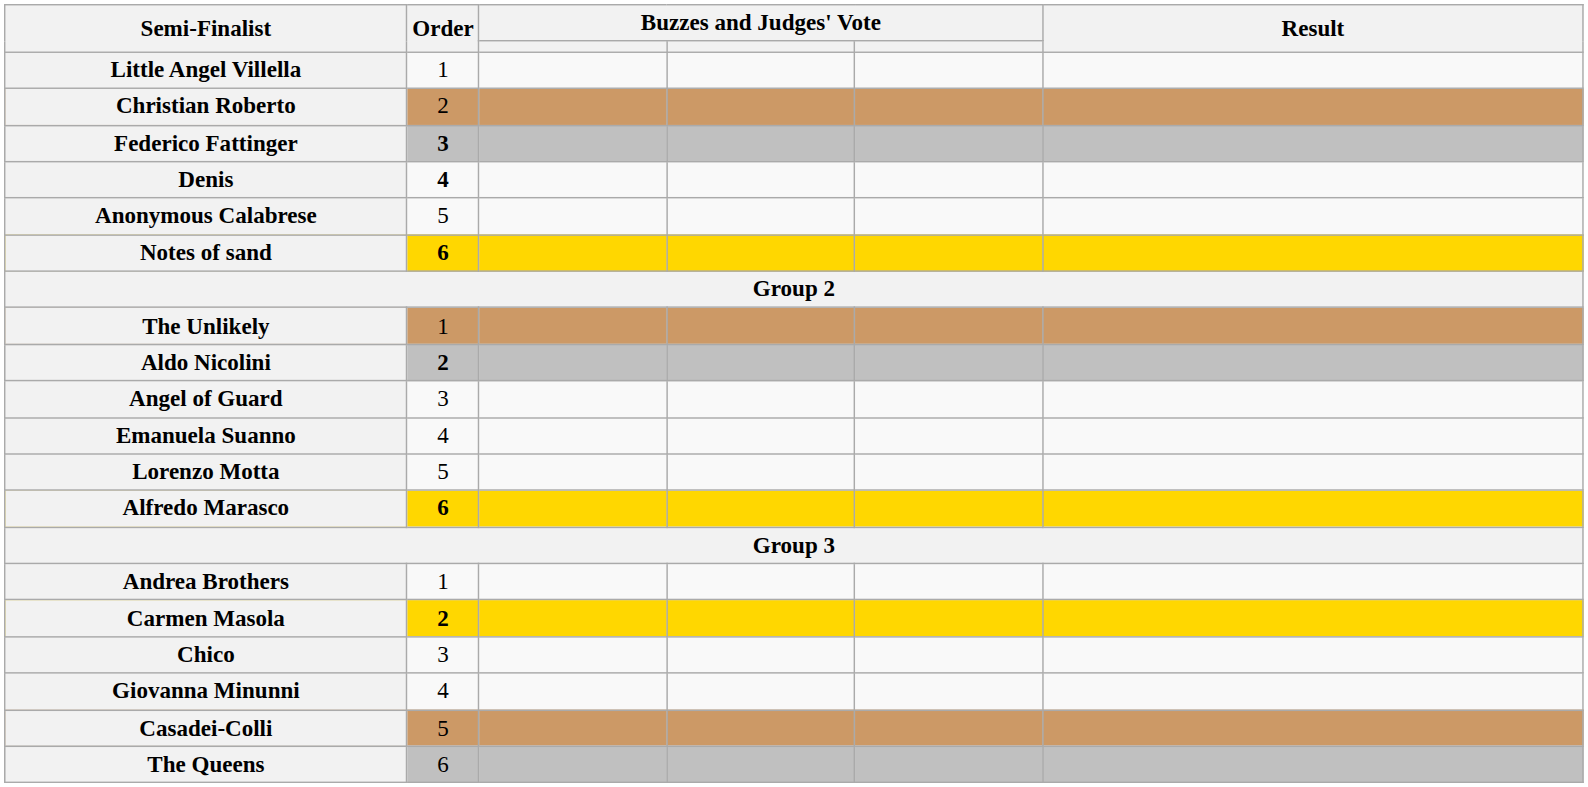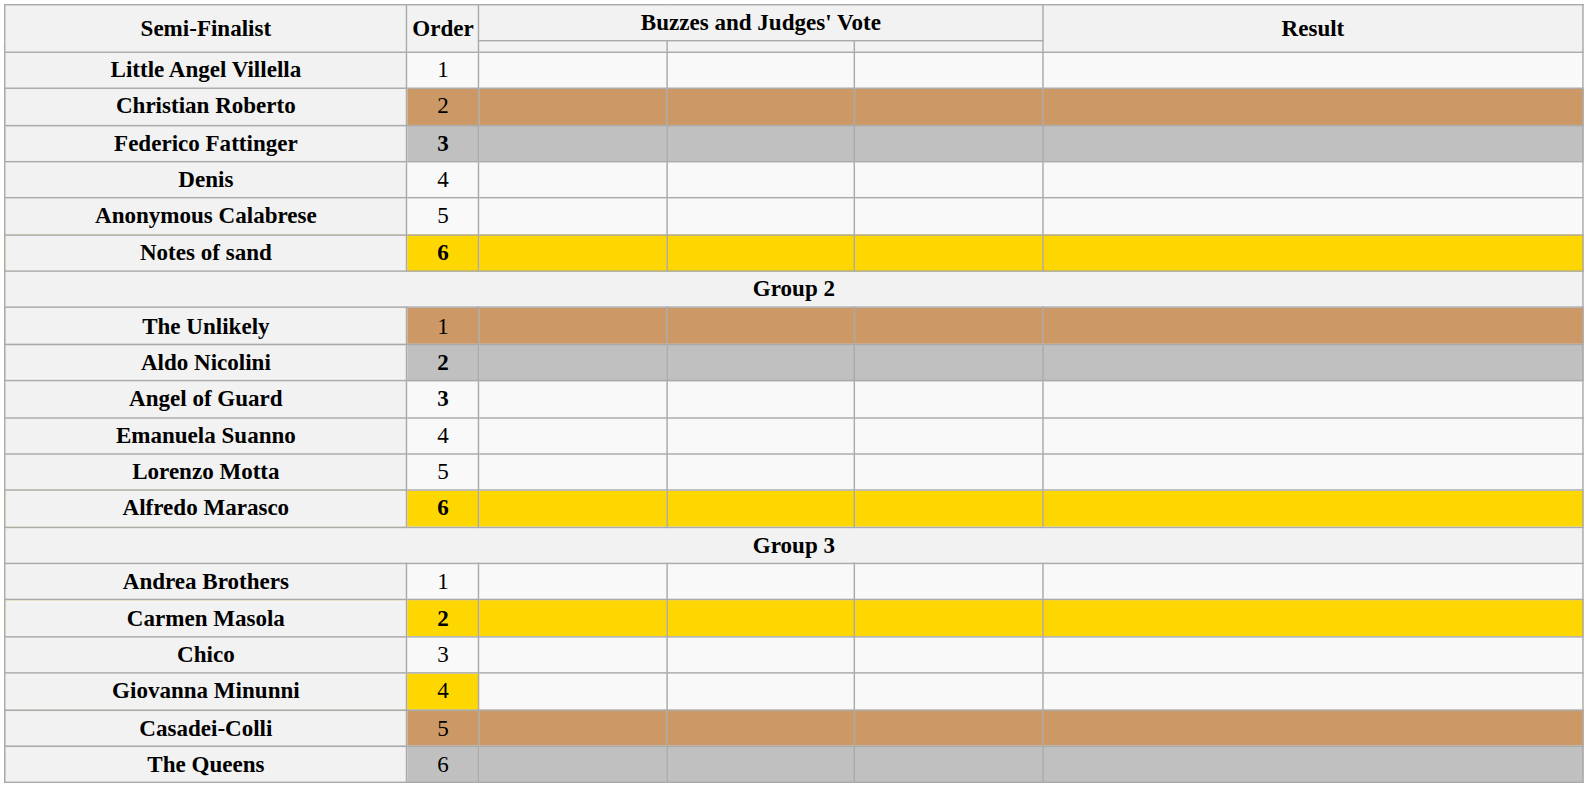 <table class="wikitable plainrowheaders sortable" style="text-align:center;">
 <tr>
 <th scope="col" rowspan=2 class="unsortable" style="width:17em;">Semi-Finalist</th>
 <th scope="col" rowspan=2 style="width:1em;">Order</th>
 <th scope="col" colspan=3 class="unsortable" style="width:24em;">Buzzes and Judges' Vote</th>
 <th scope="col" rowspan=2 style="width:23em;">Result</th>
 </tr>
 <tr>
 <th scope="col" class="unsortable" style="width:6em;"></th>
 <th scope="col" class="unsortable" style="width:6em;"></th>
 <th scope="col" class="unsortable" style="width:6em;"></th>
 </tr>
 <tr>
 <th scope="row">Little Angel Villella</th>
 <td>1</td>
 <td style="text-align:center;"></td>
 <td style="text-align:center;"></td>
 <td style="text-align:center;"></td>
 <td></td>
 </tr>
 <tr bgcolor=#c96>
 <th scope="row">Christian Roberto</th>
 <td>2</td>
 <td style="text-align:center;"></td>
 <td style="text-align:center;"></td>
 <td style="text-align:center;"></td>
 <td><strong></strong></td>
 </tr>
 <tr bgcolor=silver>
 <th scope="row"><strong>Federico Fattinger</strong></th>
 <td><strong>3</strong></td>
 <td style="text-align:center;"></td>
 <td style="text-align:center;"></td>
 <td style="text-align:center;"></td>
 <td><strong></strong></td>
 </tr>
 <tr>
 <th scope="row">Denis</th>
-<td><strong>4</strong></td>
+<td>4</td>
 <td style="text-align:center;"></td>
 <td style="text-align:center;"></td>
 <td style="text-align:center;"></td>
 <td></td>
 </tr>
 <tr>
 <th scope="row">Anonymous Calabrese</th>
 <td>5</td>
 <td style="text-align:center;"></td>
 <td style="text-align:center;"></td>
 <td style="text-align:center;"></td>
 <td></td>
 </tr>
 <tr bgcolor=gold>
 <th scope="row"><strong>Notes of sand</strong></th>
 <td><strong>6</strong></td>
 <td style="text-align:center;"></td>
 <td style="text-align:center;"></td>
 <td style="text-align:center;"></td>
 <td><strong></strong></td>
 </tr>
 <tr>
 <th colspan="8">Group 2</th>
 </tr>
 <tr bgcolor=#c96>
 <th scope="row">The Unlikely</th>
 <td>1</td>
 <td style="text-align:center;"></td>
 <td style="text-align:center;"></td>
 <td style="text-align:center;"></td>
 <td><strong></strong></td>
 </tr>
 <tr bgcolor=silver>
 <th scope="row"><strong>Aldo Nicolini</strong></th>
 <td><strong>2</strong></td>
 <td style="text-align:center;"></td>
 <td style="text-align:center;"></td>
 <td style="text-align:center;"></td>
 <td><strong></strong></td>
 </tr>
 <tr>
 <th scope="row">Angel of Guard</th>
-<td>3</td>
+<td><strong>3</strong></td>
 <td style="text-align:center;"></td>
 <td style="text-align:center;"></td>
 <td style="text-align:center;"></td>
 <td></td>
 </tr>
 <tr>
 <th scope="row">Emanuela Suanno</th>
 <td>4</td>
 <td style="text-align:center;"></td>
 <td style="text-align:center;"></td>
 <td style="text-align:center;"></td>
 <td></td>
 </tr>
 <tr>
 <th scope="row">Lorenzo Motta</th>
 <td>5</td>
 <td style="text-align:center;"></td>
 <td style="text-align:center;"></td>
 <td style="text-align:center;"></td>
 <td></td>
 </tr>
 <tr bgcolor=gold>
 <th scope="row"><strong>Alfredo Marasco</strong></th>
 <td><strong>6</strong></td>
 <td style="text-align:center;"></td>
 <td style="text-align:center;"></td>
 <td style="text-align:center;"></td>
 <td><strong></strong></td>
 </tr>
 <tr>
 <th colspan="8">Group 3</th>
 </tr>
 <tr>
 <th scope="row">Andrea Brothers</th>
 <td>1</td>
 <td style="text-align:center;"></td>
 <td style="text-align:center;"></td>
 <td style="text-align:center;"></td>
 <td></td>
 </tr>
 <tr bgcolor=gold>
 <th scope="row"><strong>Carmen Masola</strong></th>
 <td><strong>2</strong></td>
 <td style="text-align:center;"></td>
 <td style="text-align:center;"></td>
 <td style="text-align:center;"></td>
 <td><strong></strong></td>
 </tr>
 <tr>
 <th scope="row">Chico</th>
 <td>3</td>
 <td style="text-align:center;"></td>
 <td style="text-align:center;"></td>
 <td style="text-align:center;"></td>
 <td></td>
 </tr>
 <tr>
 <th scope="row">Giovanna Minunni</th>
-<td>4</td>
+<td style="background: gold;">4</td>
 <td style="text-align:center;"></td>
 <td style="text-align:center;"></td>
 <td style="text-align:center;"></td>
 <td></td>
 </tr>
 <tr bgcolor=#c96>
 <th scope="row">Casadei-Colli</th>
 <td>5</td>
 <td style="text-align:center;"></td>
 <td style="text-align:center;"></td>
 <td style="text-align:center;"></td>
 <td><strong></strong></td>
 </tr>
 <tr bgcolor=silver>
 <th scope="row">The Queens</th>
 <td>6</td>
 <td style="text-align:center;"></td>
 <td style="text-align:center;"></td>
 <td style="text-align:center;"></td>
 <td><strong></strong></td>
 </tr>
 </table>
